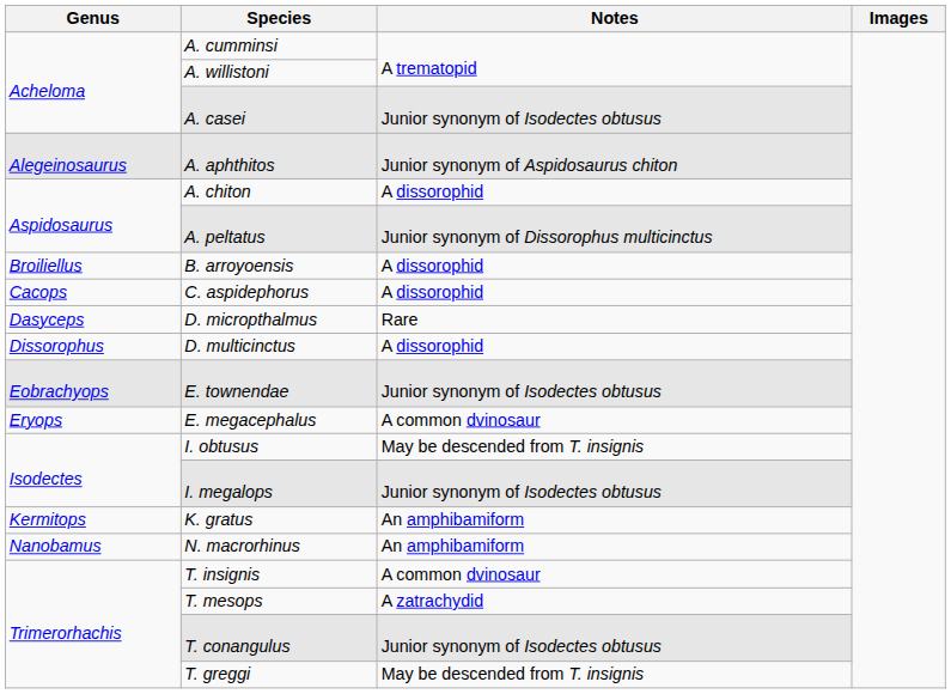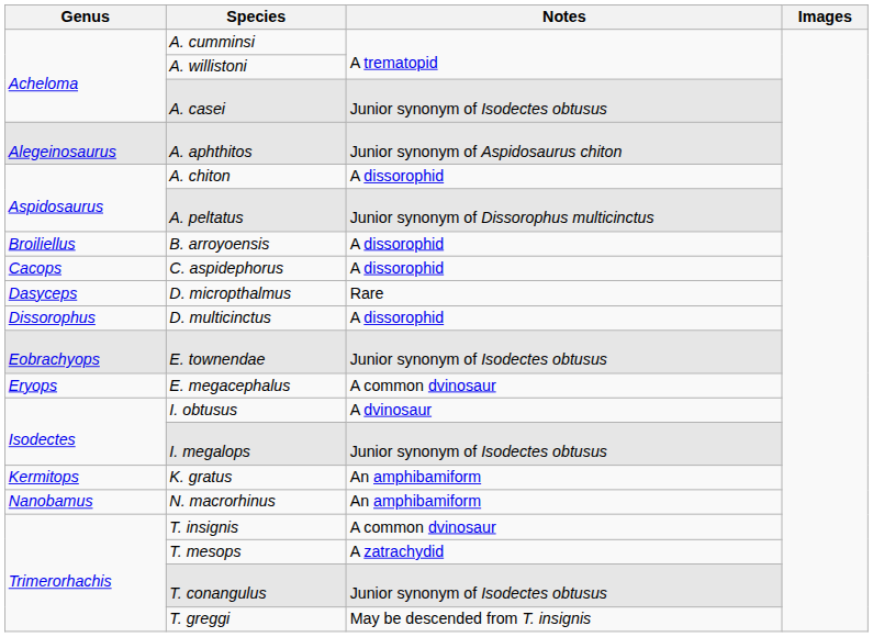 <table class="wikitable" align="center" width="100%">
 <tr>
 <th>Genus</th>
 <th>Species</th>
 <th>Notes</th>
 <th>Images</th>
 </tr>
 <tr>
 <td rowspan=3><br><em><a href='#'>Acheloma</a></em></td>
 <td><em>A. cumminsi</em></td>
 <td rowspan=2><br>A <a href='#'>trematopid</a></td>
 <td rowspan="101"><br>  </td>
 </tr>
 <tr>
 <td><em>A. willistoni</em></td>
 </tr>
 <tr>
 <td style="background:#E6E6E6;"><br><em>A. casei</em></td>
 <td style="background:#E6E6E6;"><br>Junior synonym of <em>Isodectes obtusus</em></td>
 </tr>
 <tr>
 <td style="background:#E6E6E6;"><br><em><a href='#'>Alegeinosaurus</a></em></td>
 <td style="background:#E6E6E6;"><br><em>A. aphthitos</em></td>
 <td style="background:#E6E6E6;"><br>Junior synonym of <em>Aspidosaurus chiton</em></td>
 </tr>
 <tr>
 <td rowspan=2><br><em><a href='#'>Aspidosaurus</a></em></td>
 <td><em>A. chiton</em></td>
 <td>A <a href='#'>dissorophid</a></td>
 </tr>
 <tr>
 <td style="background:#E6E6E6;"><br><em>A. peltatus</em></td>
 <td style="background:#E6E6E6;"><br>Junior synonym of <em>Dissorophus multicinctus</em></td>
 </tr>
 <tr>
 <td><em><a href='#'>Broiliellus</a></em></td>
 <td><em>B. arroyoensis</em></td>
 <td>A <a href='#'>dissorophid</a></td>
 </tr>
 <tr>
 <td><em><a href='#'>Cacops</a></em></td>
 <td><em>C. aspidephorus</em></td>
 <td>A <a href='#'>dissorophid</a></td>
 </tr>
 <tr>
 <td><em><a href='#'>Dasyceps</a></em></td>
 <td><em>D. micropthalmus</em></td>
 <td>Rare</td>
 </tr>
 <tr>
 <td><em><a href='#'>Dissorophus</a></em></td>
 <td><em>D. multicinctus</em></td>
 <td>A <a href='#'>dissorophid</a></td>
 </tr>
 <tr>
 <td style="background:#E6E6E6;"><br><em><a href='#'>Eobrachyops</a></em></td>
 <td style="background:#E6E6E6;"><br><em>E. townendae</em></td>
 <td style="background:#E6E6E6;"><br>Junior synonym of <em>Isodectes obtusus</em></td>
 </tr>
 <tr>
 <td><em><a href='#'>Eryops</a></em></td>
 <td><em>E. megacephalus</em></td>
 <td>A common <a href='#'>dvinosaur</a></td>
 </tr>
 <tr>
 <td rowspan=2><br><em><a href='#'>Isodectes</a></em></td>
 <td><em>I. obtusus</em></td>
-<td>May be descended from <em>T. insignis</em></td>
+<td>A <a href='#'>dvinosaur</a></td>
 </tr>
 <tr>
 <td style="background:#E6E6E6;"><br><em>I. megalops</em></td>
 <td style="background:#E6E6E6;"><br>Junior synonym of <em>Isodectes obtusus</em></td>
 </tr>
 <tr>
 <td><em><a href='#'>Kermitops</a></em></td>
 <td><em>K. gratus</em></td>
 <td>An <a href='#'>amphibamiform</a></td>
 </tr>
 <tr>
 <td><em><a href='#'>Nanobamus</a></em></td>
 <td><em>N. macrorhinus</em></td>
 <td>An <a href='#'>amphibamiform</a></td>
 </tr>
 <tr>
 <td rowspan=4><br><em><a href='#'>Trimerorhachis</a></em></td>
 <td><em>T. insignis</em></td>
 <td>A common <a href='#'>dvinosaur</a></td>
 </tr>
 <tr>
 <td><em>T. mesops</em></td>
 <td>A <a href='#'>zatrachydid</a></td>
 </tr>
 <tr>
 <td style="background:#E6E6E6;"><br><em>T. conangulus</em></td>
 <td style="background:#E6E6E6;"><br>Junior synonym of <em>Isodectes obtusus</em></td>
 </tr>
 <tr>
 <td><em>T. greggi</em></td>
 <td>May be descended from <em>T. insignis</em></td>
 </tr>
 </table>
